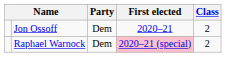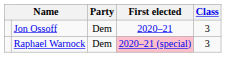 <table class=wikitable>
 <tr>
 <th colspan=2 align=center>Name</th>
 <th align=center valign=bottom>Party</th>
 <th valign=bottom align=center>First elected</th>
 <th valign=bottom align=center><a href='#'>Class</a></th>
 </tr>
 <tr>
 <td style="background-color:"> </td>
 <td><a href='#'>Jon Ossoff</a></td>
 <td style="text-align:center;">Dem</td>
 <td style="text-align:center;"><a href='#'>2020–21</a></td>
-<td style="text-align:center;">2</td>
+<td style="text-align:center;">3</td>
 </tr>
 <tr>
 <td style="background-color:"> </td>
 <td><a href='#'>Raphael Warnock</a></td>
 <td style="text-align:center;">Dem</td>
 <td style="background: pink; text-align:center;"><a href='#'>2020–21 (special)</a></td>
-<td style="text-align:center;">2</td>
+<td style="text-align:center;">3</td>
 </tr>
 </table>
